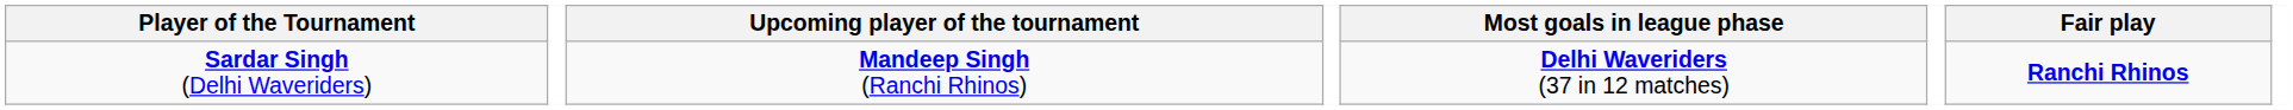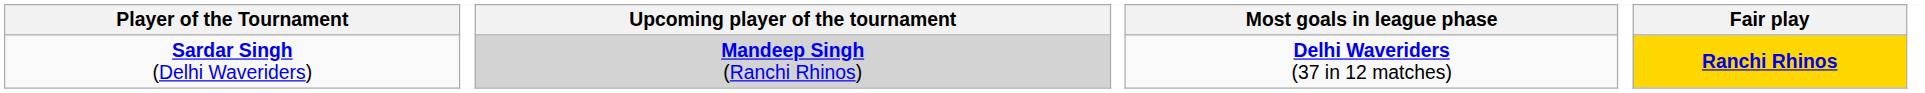 <table class=wikitable style="width:100%; text-align:center; border:none">
 <tr>
 <th>Player of the Tournament</th>
 <th rowspan="3" width="5" style="border:none; background:white"></th>
 <th>Upcoming player of the tournament</th>
 <th rowspan="3" width="5" style="border:none; background:white"></th>
 <th>Most goals in league phase</th>
 <th rowspan="3" width="5" style="border:none; background:white"></th>
 <th>Fair play</th>
 <th rowspan="3" width="5" style="border:none; background:white"></th>
 </tr>
 <tr>
 <td><strong><a href='#'>Sardar Singh</a></strong><br>(<a href='#'>Delhi Waveriders</a>)</td>
-<td><strong><a href='#'>Mandeep Singh</a></strong><br>(<a href='#'>Ranchi Rhinos</a>)</td>
+<td style="background: lightgrey;"><strong><a href='#'>Mandeep Singh</a></strong><br>(<a href='#'>Ranchi Rhinos</a>)</td>
 <td><strong><a href='#'>Delhi Waveriders</a></strong><br>(37 in 12 matches)</td>
-<td><strong><a href='#'>Ranchi Rhinos</a></strong></td>
+<td style="background: gold;"><strong><a href='#'>Ranchi Rhinos</a></strong></td>
 </tr>
 </table>
